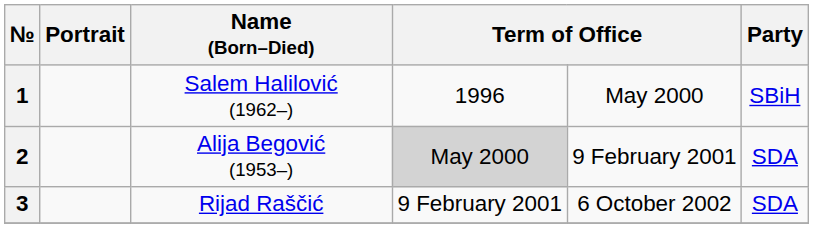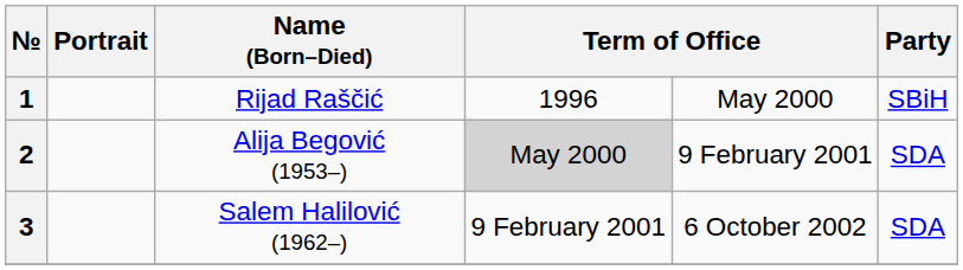 <table class="wikitable" style="text-align:center">
 <tr ->
 <th>№</th>
 <th>Portrait</th>
 <th width=180>Name<br><small>(Born–Died)</small></th>
 <th colspan=2>Term of Office</th>
 <th>Party</th>
 </tr>
 <tr ->
 <th style="background:">1</th>
 <td></td>
-<td><a href='#'>Salem Halilović</a><br><small>(1962–)</small></td>
+<td><a href='#'>Rijad Raščić</a></td>
 <td>1996</td>
 <td>May 2000</td>
 <td><a href='#'>SBiH</a></td>
 </tr>
 <tr ->
 <th style="background:">2</th>
 <td></td>
 <td><a href='#'>Alija Begović</a><br><small>(1953–)</small></td>
 <td style="background: lightgrey;">May 2000</td>
 <td>9 February 2001</td>
 <td><a href='#'>SDA</a></td>
 </tr>
 <tr ->
 <th style="background:">3</th>
 <td></td>
-<td><a href='#'>Rijad Raščić</a></td>
+<td><a href='#'>Salem Halilović</a><br><small>(1962–)</small></td>
 <td>9 February 2001</td>
 <td>6 October 2002</td>
 <td><a href='#'>SDA</a></td>
 </tr>
 <tr ->
 </tr>
 </table>
